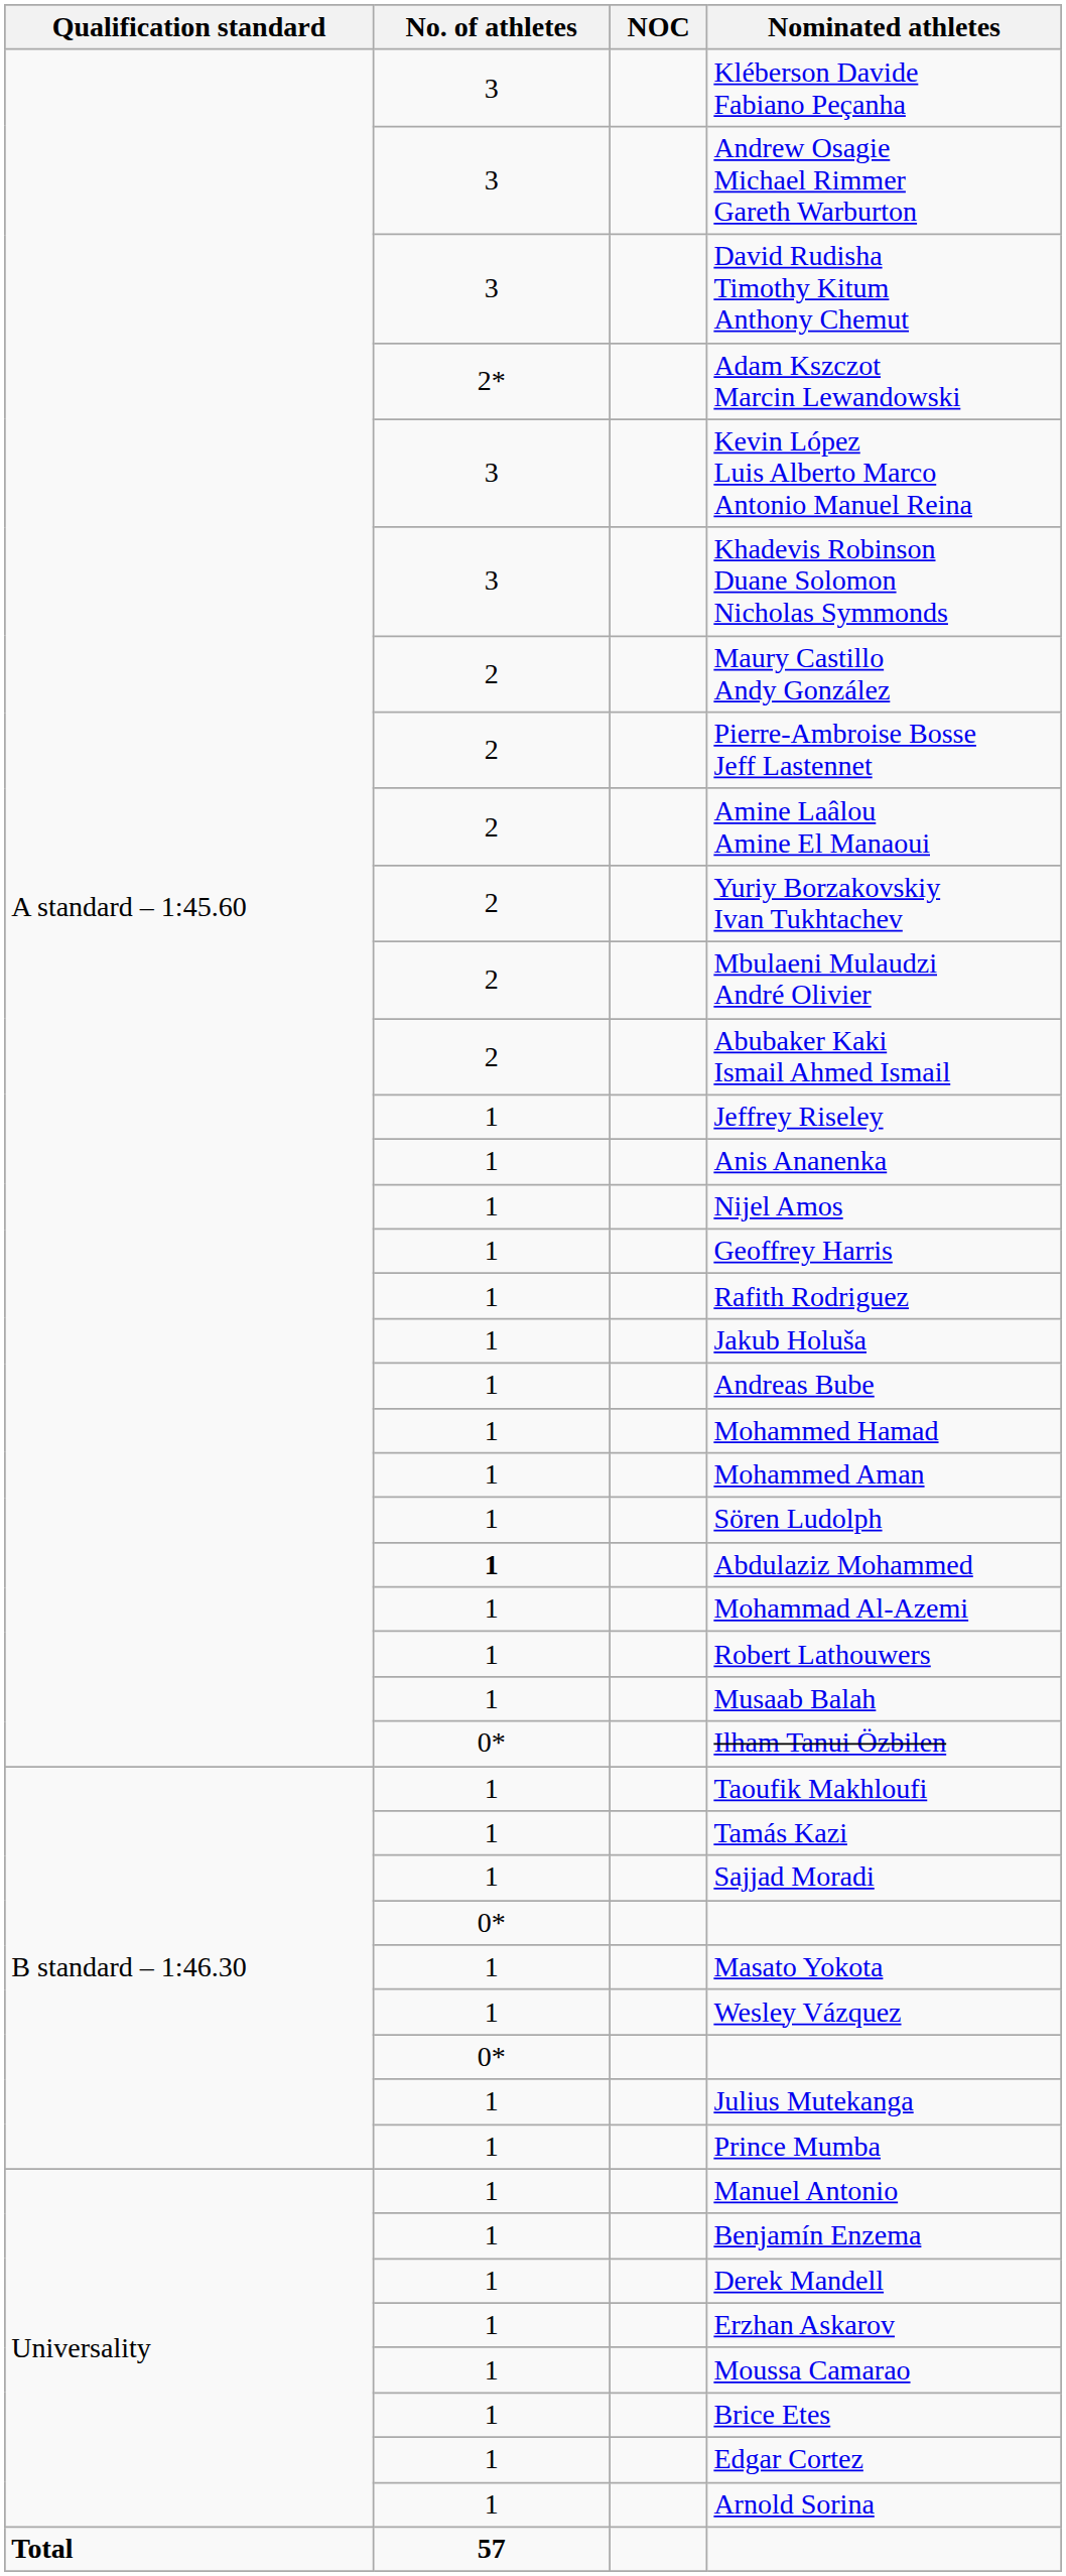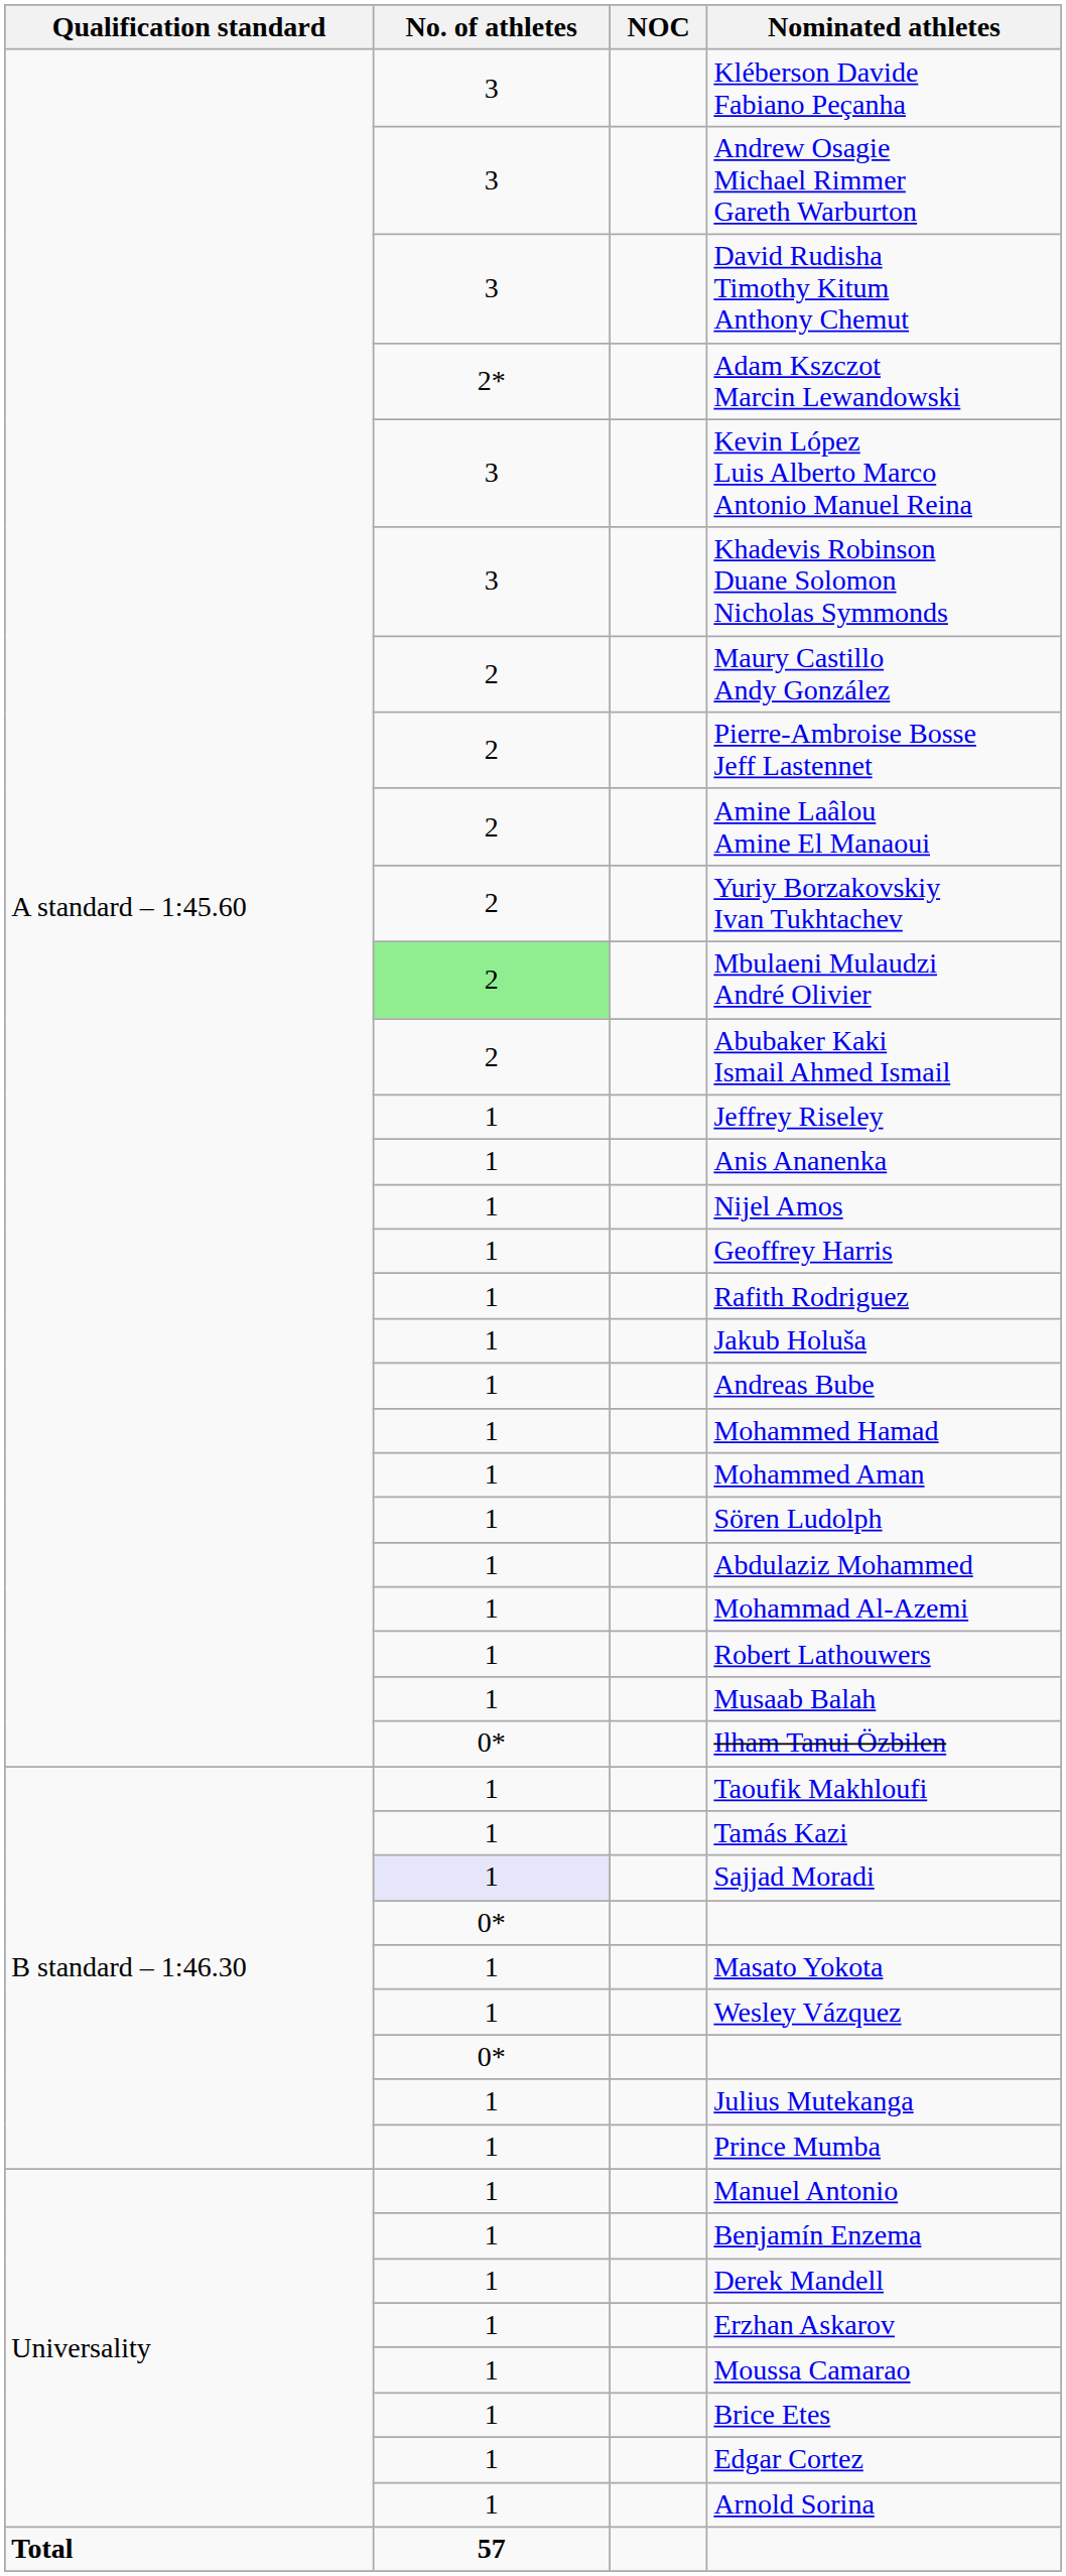 <table class="wikitable"  style="text-align:left; width:600px;">
 <tr>
 <th>Qualification standard</th>
 <th>No. of athletes</th>
 <th>NOC</th>
 <th>Nominated athletes</th>
 </tr>
 <tr>
 <td rowspan="27">A standard – 1:45.60</td>
 <td align=center>3</td>
 <td></td>
 <td><a href='#'>Kléberson Davide</a><br><a href='#'>Fabiano Peçanha</a> </td>
 </tr>
 <tr>
 <td align=center>3</td>
 <td></td>
 <td><a href='#'>Andrew Osagie</a><br><a href='#'>Michael Rimmer</a><br><a href='#'>Gareth Warburton</a></td>
 </tr>
 <tr>
 <td align=center>3</td>
 <td></td>
 <td><a href='#'>David Rudisha</a> <br> <a href='#'>Timothy Kitum</a> <br> <a href='#'>Anthony Chemut</a></td>
 </tr>
 <tr>
 <td align=center>2*</td>
 <td></td>
 <td><a href='#'>Adam Kszczot</a> <br> <a href='#'>Marcin Lewandowski</a></td>
 </tr>
 <tr>
 <td align=center>3</td>
 <td></td>
 <td><a href='#'>Kevin López</a><br><a href='#'>Luis Alberto Marco</a><br><a href='#'>Antonio Manuel Reina</a></td>
 </tr>
 <tr>
 <td align=center>3</td>
 <td></td>
 <td><a href='#'>Khadevis Robinson</a><br><a href='#'>Duane Solomon</a><br><a href='#'>Nicholas Symmonds</a></td>
 </tr>
 <tr>
 <td align=center>2</td>
 <td> </td>
 <td><a href='#'>Maury Castillo</a><br><a href='#'>Andy González</a></td>
 </tr>
 <tr>
 <td align=center>2</td>
 <td></td>
 <td><a href='#'>Pierre-Ambroise Bosse</a><br><a href='#'>Jeff Lastennet</a></td>
 </tr>
 <tr>
 <td align=center>2</td>
 <td></td>
 <td><a href='#'>Amine Laâlou</a><br><a href='#'>Amine El Manaoui</a></td>
 </tr>
 <tr>
 <td align=center>2</td>
 <td></td>
 <td><a href='#'>Yuriy Borzakovskiy</a><br><a href='#'>Ivan Tukhtachev</a></td>
 </tr>
 <tr>
-<td align=center>2</td>
+<td align=center style="background: lightgreen;">2</td>
 <td></td>
 <td><a href='#'>Mbulaeni Mulaudzi</a><br><a href='#'>André Olivier</a></td>
 </tr>
 <tr>
 <td align=center>2</td>
 <td></td>
 <td><a href='#'>Abubaker Kaki</a><br><a href='#'>Ismail Ahmed Ismail</a></td>
 </tr>
 <tr>
 <td align=center>1</td>
 <td></td>
 <td><a href='#'>Jeffrey Riseley</a></td>
 </tr>
 <tr>
 <td align=center>1</td>
 <td></td>
 <td><a href='#'>Anis Ananenka</a></td>
 </tr>
 <tr>
 <td align=center>1</td>
 <td></td>
 <td><a href='#'>Nijel Amos</a></td>
 </tr>
 <tr>
 <td align=center>1</td>
 <td></td>
 <td><a href='#'>Geoffrey Harris</a></td>
 </tr>
 <tr>
 <td align=center>1</td>
 <td></td>
 <td><a href='#'>Rafith Rodriguez</a></td>
 </tr>
 <tr>
 <td align=center>1</td>
 <td></td>
 <td><a href='#'>Jakub Holuša</a></td>
 </tr>
 <tr>
 <td align=center>1</td>
 <td></td>
 <td><a href='#'>Andreas Bube</a></td>
 </tr>
 <tr>
 <td align=center>1</td>
 <td></td>
 <td><a href='#'>Mohammed Hamad</a></td>
 </tr>
 <tr>
 <td align=center>1</td>
 <td></td>
 <td><a href='#'>Mohammed Aman</a></td>
 </tr>
 <tr>
 <td align=center>1</td>
 <td></td>
 <td><a href='#'>Sören Ludolph</a></td>
 </tr>
 <tr>
-<td align=center><strong>1</strong></td>
+<td align=center>1</td>
 <td></td>
 <td><a href='#'>Abdulaziz Mohammed</a></td>
 </tr>
 <tr>
 <td align=center>1</td>
 <td></td>
 <td><a href='#'>Mohammad Al-Azemi</a></td>
 </tr>
 <tr>
 <td align=center>1</td>
 <td></td>
 <td><a href='#'>Robert Lathouwers</a></td>
 </tr>
 <tr>
 <td align=center>1</td>
 <td></td>
 <td><a href='#'>Musaab Balah</a></td>
 </tr>
 <tr>
 <td align=center>0*</td>
 <td></td>
 <td><s><a href='#'>Ilham Tanui Özbilen</a></s></td>
 </tr>
 <tr>
 <td rowspan="9">B standard – 1:46.30</td>
 <td align=center>1</td>
 <td></td>
 <td><a href='#'>Taoufik Makhloufi</a></td>
 </tr>
 <tr>
 <td align=center>1</td>
 <td></td>
 <td><a href='#'>Tamás Kazi</a></td>
 </tr>
 <tr>
-<td align=center>1</td>
+<td align=center style="background: lavender;">1</td>
 <td></td>
 <td><a href='#'>Sajjad Moradi</a></td>
 </tr>
 <tr>
 <td align=center>0*</td>
 <td><s></s></td>
 <td></td>
 </tr>
 <tr>
 <td align=center>1</td>
 <td></td>
 <td><a href='#'>Masato Yokota</a></td>
 </tr>
 <tr>
 <td align=center>1</td>
 <td></td>
 <td><a href='#'>Wesley Vázquez</a></td>
 </tr>
 <tr>
 <td align=center>0*</td>
 <td><s></s></td>
 <td></td>
 </tr>
 <tr>
 <td align=center>1</td>
 <td></td>
 <td><a href='#'>Julius Mutekanga</a></td>
 </tr>
 <tr>
 <td align=center>1</td>
 <td></td>
 <td><a href='#'>Prince Mumba</a></td>
 </tr>
 <tr>
 <td rowspan="8">Universality</td>
 <td align=center>1</td>
 <td></td>
 <td><a href='#'>Manuel Antonio</a></td>
 </tr>
 <tr>
 <td align=center>1</td>
 <td></td>
 <td><a href='#'>Benjamín Enzema</a></td>
 </tr>
 <tr>
 <td align=center>1</td>
 <td></td>
 <td><a href='#'>Derek Mandell</a></td>
 </tr>
 <tr>
 <td align=center>1</td>
 <td></td>
 <td><a href='#'>Erzhan Askarov</a></td>
 </tr>
 <tr>
 <td align=center>1</td>
 <td></td>
 <td><a href='#'>Moussa Camarao</a></td>
 </tr>
 <tr>
 <td align=center>1</td>
 <td></td>
 <td><a href='#'>Brice Etes</a></td>
 </tr>
 <tr>
 <td align=center>1</td>
 <td></td>
 <td><a href='#'>Edgar Cortez</a></td>
 </tr>
 <tr>
 <td align=center>1</td>
 <td></td>
 <td><a href='#'>Arnold Sorina</a></td>
 </tr>
 <tr>
 <td><strong>Total</strong></td>
 <td align=center><strong>57</strong></td>
 <td></td>
 <td></td>
 </tr>
 </table>
